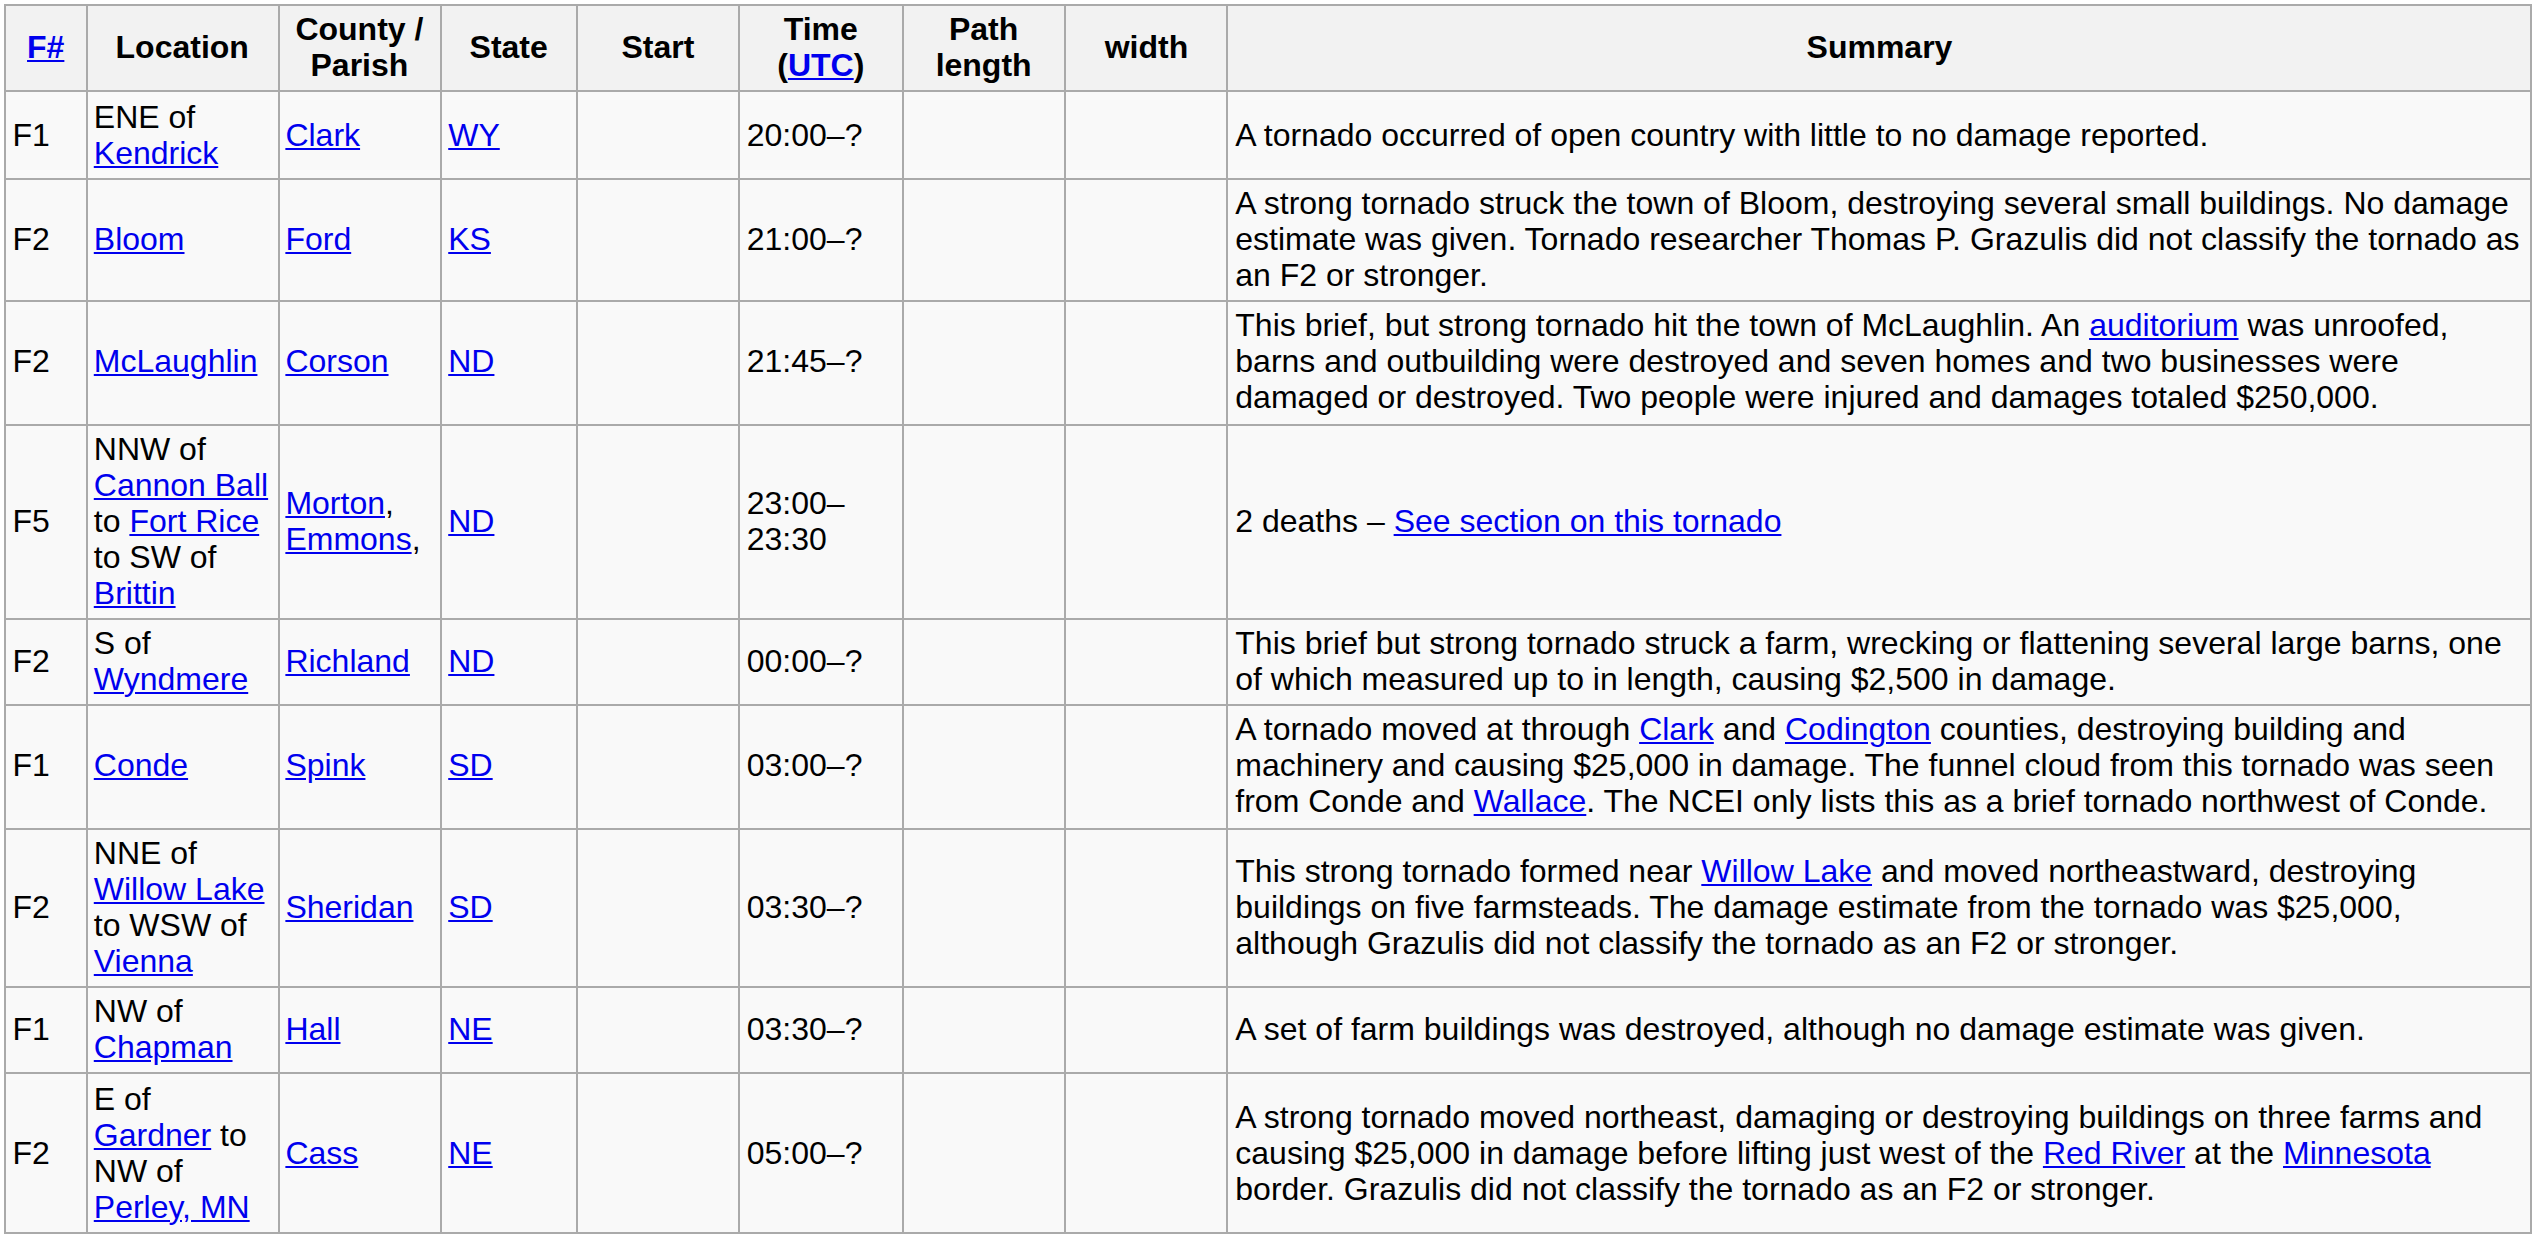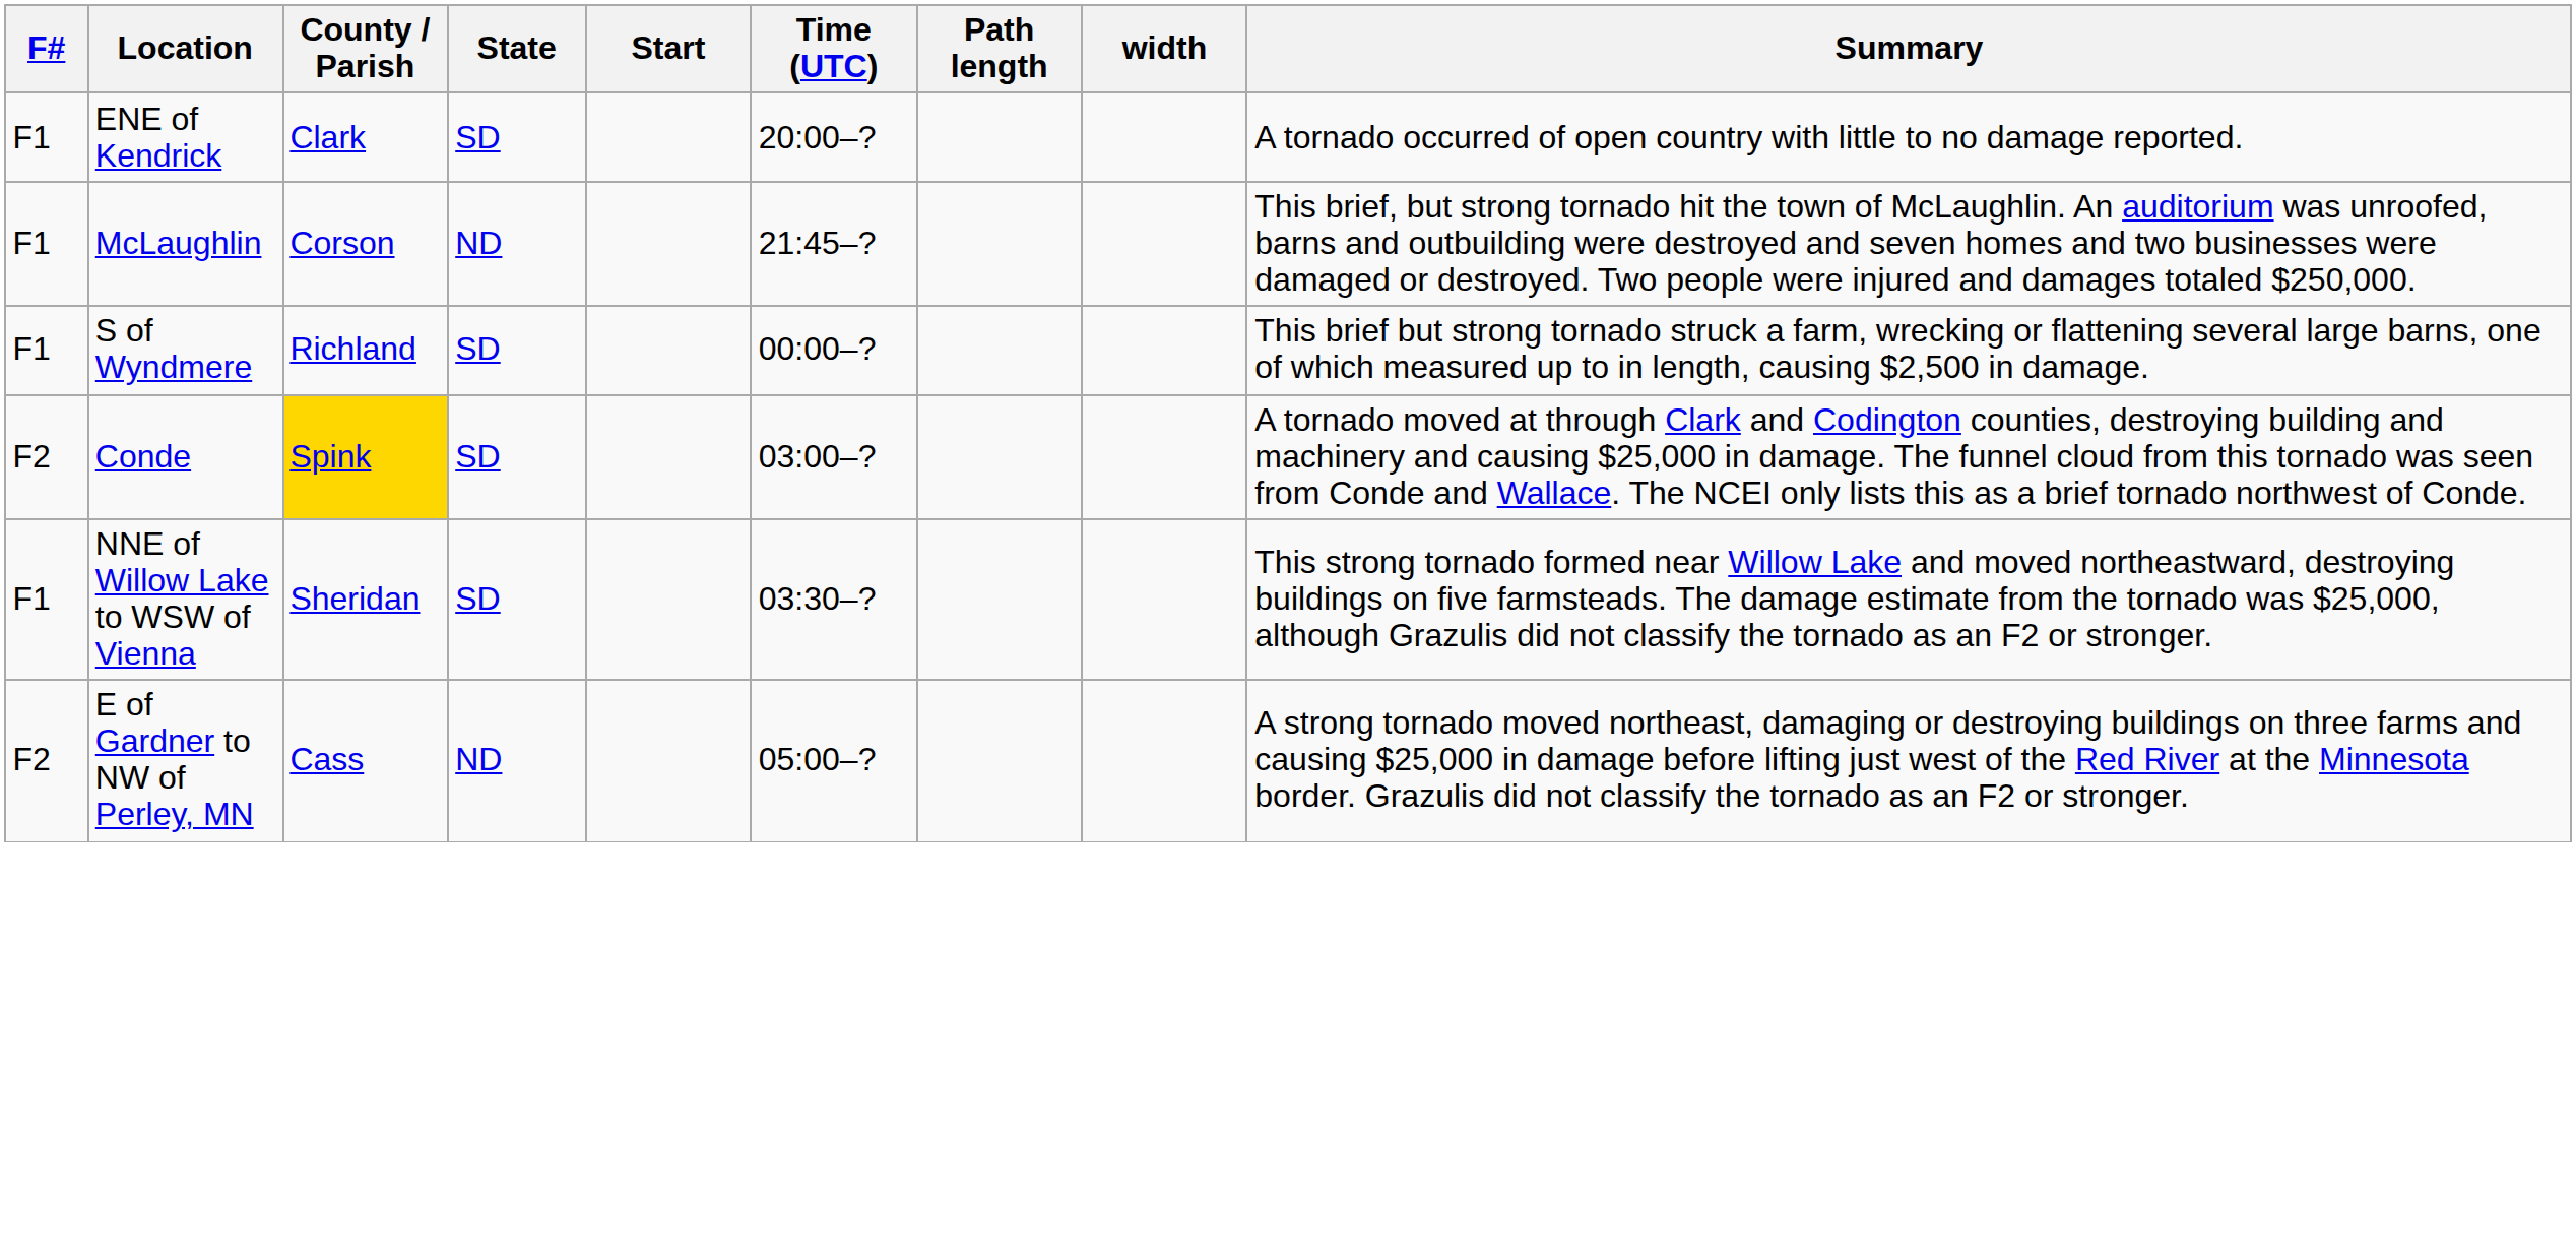 <table class="wikitable sortable" style="width:100%;">
 <tr>
 <th scope="col"  style="width:3%; text-align:center;"><a href='#'>F#</a></th>
 <th scope="col"  style="width:7%; text-align:center;" class="unsortable">Location</th>
 <th scope="col"  style="width:6%; text-align:center;" class="unsortable">County / Parish</th>
 <th scope="col"  style="width:5%; text-align:center;">State</th>
 <th scope="col"  style="width:6%; text-align:center;">Start<br></th>
 <th scope="col"  style="width:6%; text-align:center;">Time (<a href='#'>UTC</a>)</th>
 <th scope="col"  style="width:6%; text-align:center;">Path length</th>
 <th scope="col"  style="width:6%; text-align:center;"> width</th>
 <th scope="col" class="unsortable" style="width:48%; text-align:center;">Summary</th>
 </tr>
 <tr>
 <td>F1</td>
 <td>ENE of <a href='#'>Kendrick</a></td>
 <td><a href='#'>Clark</a></td>
-<td><a href='#'>WY</a></td>
+<td><a href='#'>SD</a></td>
 <td></td>
 <td>20:00–?</td>
 <td></td>
 <td></td>
 <td>A tornado occurred of open country with little to no damage reported.</td>
 </tr>
 <tr>
-<td>F2</td>
-<td><a href='#'>Bloom</a></td>
-<td><a href='#'>Ford</a></td>
-<td><a href='#'>KS</a></td>
-<td></td>
-<td>21:00–?</td>
-<td></td>
-<td></td>
-<td>A strong tornado struck the town of Bloom, destroying several small buildings. No damage estimate was given. Tornado researcher Thomas P. Grazulis did not classify the tornado as an F2 or stronger.</td>
-</tr>
-<tr>
-<td>F2</td>
+<td>F1</td>
 <td><a href='#'>McLaughlin</a></td>
 <td><a href='#'>Corson</a></td>
 <td><a href='#'>ND</a></td>
 <td></td>
 <td>21:45–?</td>
 <td></td>
 <td></td>
 <td>This brief, but strong tornado hit the town of McLaughlin. An <a href='#'>auditorium</a> was unroofed, barns and outbuilding were destroyed and seven homes and two businesses were damaged or destroyed. Two people were injured and damages totaled $250,000.</td>
 </tr>
 <tr>
-<td>F5</td>
-<td>NNW of <a href='#'>Cannon Ball</a> to <a href='#'>Fort Rice</a> to SW of <a href='#'>Brittin</a></td>
-<td><a href='#'>Morton</a>, <a href='#'>Emmons</a>,</td>
-<td><a href='#'>ND</a></td>
-<td></td>
-<td>23:00–23:30</td>
-<td></td>
-<td></td>
-<td>2 deaths – <a href='#'>See section on this tornado</a></td>
-</tr>
-<tr>
-<td>F2</td>
+<td>F1</td>
 <td>S of <a href='#'>Wyndmere</a></td>
 <td><a href='#'>Richland</a></td>
-<td><a href='#'>ND</a></td>
+<td><a href='#'>SD</a></td>
 <td></td>
 <td>00:00–?</td>
 <td></td>
 <td></td>
 <td>This brief but strong tornado struck a farm, wrecking or flattening several large barns, one of which measured up to  in length, causing $2,500 in damage.</td>
 </tr>
 <tr>
-<td>F1</td>
+<td>F2</td>
 <td><a href='#'>Conde</a></td>
-<td><a href='#'>Spink</a></td>
+<td style="background: gold;"><a href='#'>Spink</a></td>
 <td><a href='#'>SD</a></td>
 <td></td>
 <td>03:00–?</td>
 <td></td>
 <td></td>
 <td>A tornado moved at  through <a href='#'>Clark</a> and <a href='#'>Codington</a> counties, destroying building and machinery and causing $25,000 in damage. The funnel cloud from this tornado was seen from Conde and <a href='#'>Wallace</a>. The NCEI only lists this as a brief tornado northwest of Conde.</td>
 </tr>
 <tr>
-<td>F2</td>
+<td>F1</td>
 <td>NNE of <a href='#'>Willow Lake</a> to WSW of <a href='#'>Vienna</a></td>
 <td><a href='#'>Sheridan</a></td>
 <td><a href='#'>SD</a></td>
 <td></td>
 <td>03:30–?</td>
 <td></td>
 <td></td>
 <td>This strong tornado formed near <a href='#'>Willow Lake</a> and moved northeastward, destroying buildings on five farmsteads. The damage estimate from the tornado was $25,000, although Grazulis did not classify the tornado as an F2 or stronger.</td>
 </tr>
 <tr>
-<td>F1</td>
-<td>NW of <a href='#'>Chapman</a></td>
-<td><a href='#'>Hall</a></td>
-<td><a href='#'>NE</a></td>
-<td></td>
-<td>03:30–?</td>
-<td></td>
-<td></td>
-<td>A set of farm buildings was destroyed, although no damage estimate was given.</td>
-</tr>
-<tr>
 <td>F2</td>
 <td>E of <a href='#'>Gardner</a> to NW of <a href='#'>Perley, MN</a></td>
 <td><a href='#'>Cass</a></td>
-<td><a href='#'>NE</a></td>
+<td><a href='#'>ND</a></td>
 <td></td>
 <td>05:00–?</td>
 <td></td>
 <td></td>
 <td>A strong tornado moved northeast, damaging or destroying buildings on three farms and causing $25,000 in damage before lifting just west of the <a href='#'>Red River</a> at the <a href='#'>Minnesota</a> border. Grazulis did not classify the tornado as an F2 or stronger.</td>
 </tr>
 </table>
